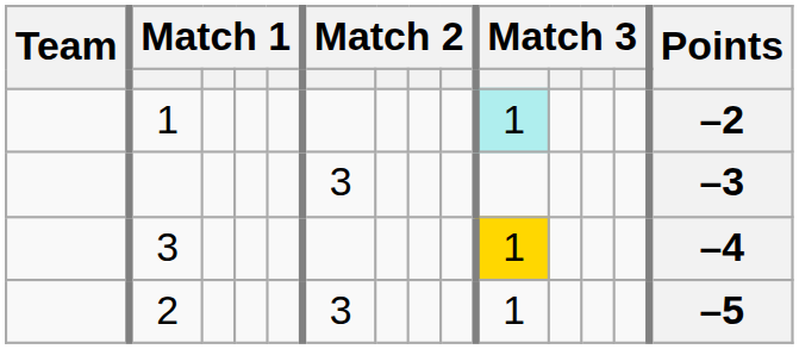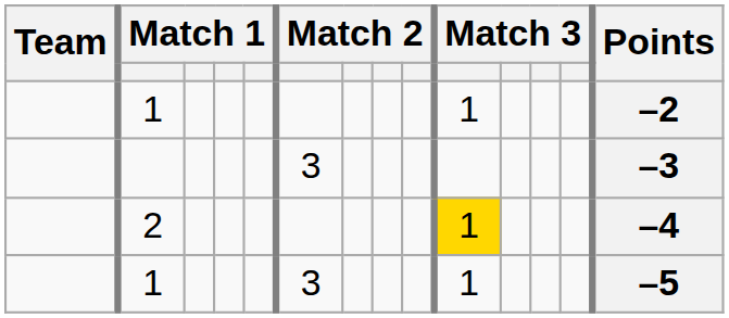 <table class="wikitable sortable" style="text-align:center;">
 <tr>
 <th rowspan=2>Team</th>
 <th colspan=4 style="border-left:3px solid gray">Match 1</th>
 <th colspan=4 style="border-left:3px solid gray">Match 2</th>
 <th colspan=4 style="border-left:3px solid gray">Match 3</th>
 <th rowspan=2 style="border-left:3px solid gray">Points</th>
 </tr>
 <tr>
 <th style="border-left:3px solid gray"></th>
 <th></th>
 <th></th>
 <th></th>
 <th style="border-left:3px solid gray"></th>
 <th></th>
 <th></th>
 <th></th>
 <th style="border-left:3px solid gray"></th>
 <th></th>
 <th></th>
 <th></th>
 </tr>
 <tr>
 <td align=left></td>
 <td style="border-left:3px solid gray">1</td>
 <td></td>
 <td></td>
 <td></td>
 <td style="border-left:3px solid gray"></td>
 <td></td>
 <td></td>
 <td></td>
-<td style="background: paleturquoise; border-left:3px solid gray">1</td>
+<td style="border-left:3px solid gray">1</td>
 <td></td>
 <td></td>
 <td></td>
 <th style="border-left:3px solid gray">–2</th>
 </tr>
 <tr>
 <td align=left></td>
 <td style="border-left:3px solid gray"></td>
 <td></td>
 <td></td>
 <td></td>
 <td style="border-left:3px solid gray">3</td>
 <td></td>
 <td></td>
 <td></td>
 <td style="border-left:3px solid gray"></td>
 <td></td>
 <td></td>
 <td></td>
 <th style="border-left:3px solid gray">–3</th>
 </tr>
 <tr>
 <td align=left></td>
-<td style="border-left:3px solid gray">3</td>
+<td style="border-left:3px solid gray">2</td>
 <td></td>
 <td></td>
 <td></td>
 <td style="border-left:3px solid gray"></td>
 <td></td>
 <td></td>
 <td></td>
 <td style="background: gold; border-left:3px solid gray">1</td>
 <td></td>
 <td></td>
 <td></td>
 <th style="border-left:3px solid gray">–4</th>
 </tr>
 <tr>
 <td align=left></td>
-<td style="border-left:3px solid gray">2</td>
+<td style="border-left:3px solid gray">1</td>
 <td></td>
 <td></td>
 <td></td>
 <td style="border-left:3px solid gray">3</td>
 <td></td>
 <td></td>
 <td></td>
 <td style="border-left:3px solid gray">1</td>
 <td></td>
 <td></td>
 <td></td>
 <th style="border-left:3px solid gray">–5</th>
 </tr>
 </table>
